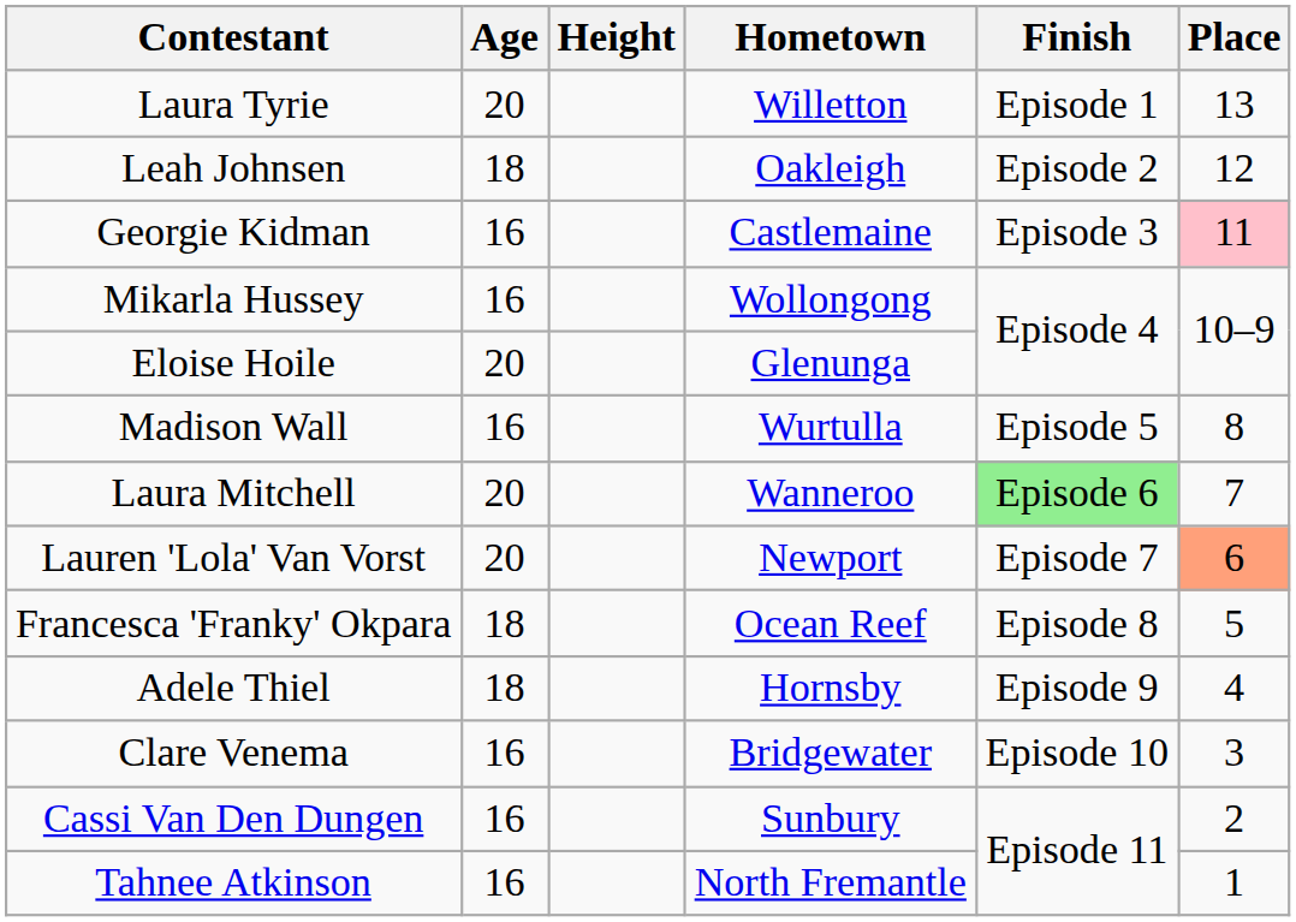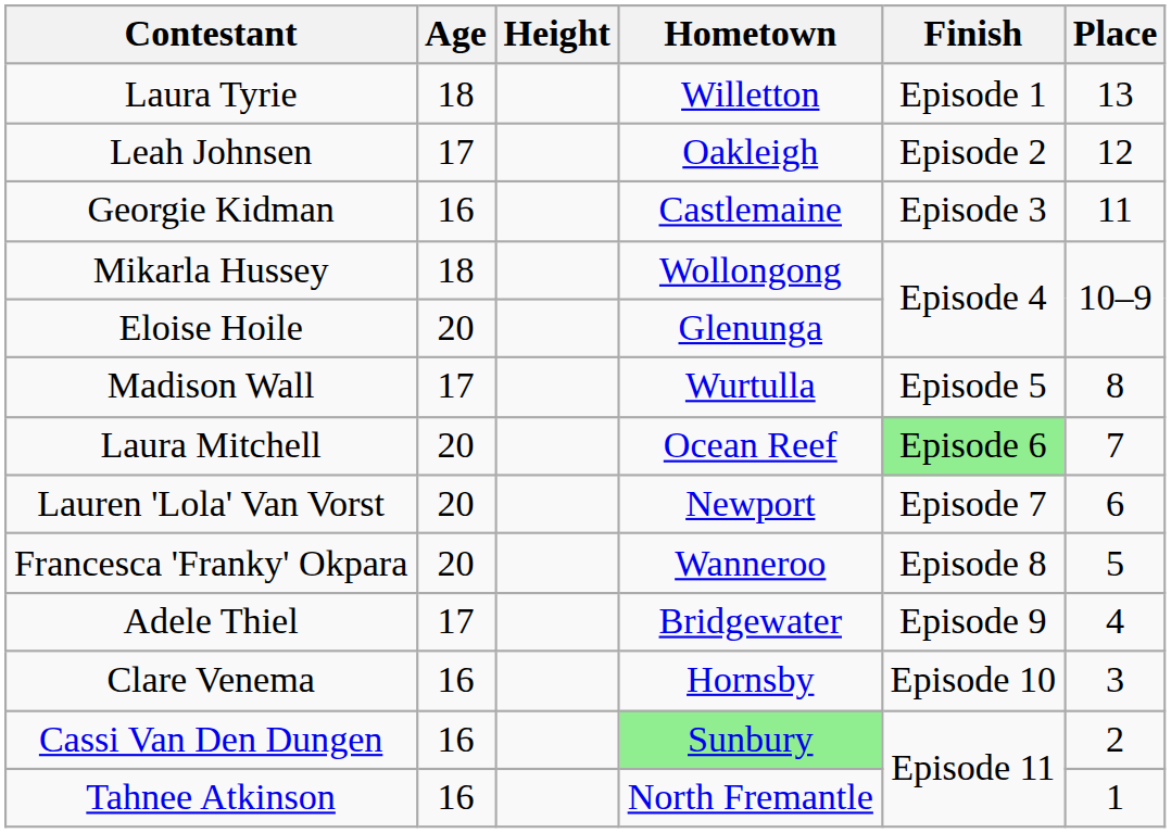 <table class="wikitable sortable" style="text-align:center;">
 <tr>
 <th>Contestant</th>
 <th>Age</th>
 <th>Height</th>
 <th>Hometown</th>
 <th>Finish</th>
 <th>Place</th>
 </tr>
 <tr>
 <td>Laura Tyrie</td>
-<td>20</td>
+<td>18</td>
 <td></td>
 <td><a href='#'>Willetton</a></td>
 <td>Episode 1</td>
 <td>13</td>
 </tr>
 <tr>
 <td>Leah Johnsen</td>
-<td>18</td>
+<td>17</td>
 <td></td>
 <td><a href='#'>Oakleigh</a></td>
 <td>Episode 2</td>
 <td>12</td>
 </tr>
 <tr>
 <td>Georgie Kidman</td>
 <td>16</td>
 <td></td>
 <td><a href='#'>Castlemaine</a></td>
 <td>Episode 3</td>
-<td style="background: pink;">11</td>
+<td>11</td>
 </tr>
 <tr>
 <td>Mikarla Hussey</td>
-<td>16</td>
+<td>18</td>
 <td></td>
 <td><a href='#'>Wollongong</a></td>
 <td rowspan="2">Episode 4</td>
 <td rowspan="2">10–9</td>
 </tr>
 <tr>
 <td>Eloise Hoile</td>
 <td>20</td>
 <td></td>
 <td><a href='#'>Glenunga</a></td>
 </tr>
 <tr>
 <td>Madison Wall</td>
-<td>16</td>
+<td>17</td>
 <td></td>
 <td><a href='#'>Wurtulla</a></td>
 <td>Episode 5</td>
 <td>8</td>
 </tr>
 <tr>
 <td>Laura Mitchell</td>
 <td>20</td>
 <td></td>
-<td><a href='#'>Wanneroo</a></td>
+<td><a href='#'>Ocean Reef</a></td>
 <td style="background: lightgreen;">Episode 6</td>
 <td>7</td>
 </tr>
 <tr>
 <td>Lauren 'Lola' Van Vorst</td>
 <td>20</td>
 <td></td>
 <td><a href='#'>Newport</a></td>
 <td>Episode 7</td>
-<td style="background: lightsalmon;">6</td>
+<td>6</td>
 </tr>
 <tr>
 <td>Francesca 'Franky' Okpara</td>
-<td>18</td>
+<td>20</td>
 <td></td>
-<td><a href='#'>Ocean Reef</a></td>
+<td><a href='#'>Wanneroo</a></td>
 <td>Episode 8</td>
 <td>5</td>
 </tr>
 <tr>
 <td>Adele Thiel</td>
-<td>18</td>
+<td>17</td>
 <td></td>
-<td><a href='#'>Hornsby</a></td>
+<td><a href='#'>Bridgewater</a></td>
 <td>Episode 9</td>
 <td>4</td>
 </tr>
 <tr>
 <td>Clare Venema</td>
 <td>16</td>
 <td></td>
-<td><a href='#'>Bridgewater</a></td>
+<td><a href='#'>Hornsby</a></td>
 <td>Episode 10</td>
 <td>3</td>
 </tr>
 <tr>
 <td><a href='#'>Cassi Van Den Dungen</a></td>
 <td>16</td>
 <td></td>
-<td><a href='#'>Sunbury</a></td>
+<td style="background: lightgreen;"><a href='#'>Sunbury</a></td>
 <td rowspan="2">Episode 11</td>
 <td>2</td>
 </tr>
 <tr>
 <td><a href='#'>Tahnee Atkinson</a></td>
 <td>16</td>
 <td></td>
 <td><a href='#'>North Fremantle</a></td>
 <td>1</td>
 </tr>
 </table>
